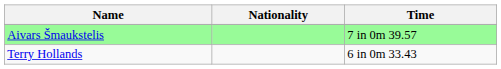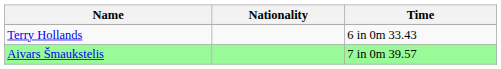 <table class="wikitable" style="display: inline-table;width: 50%;">
 <tr>
 <th>Name</th>
 <th>Nationality</th>
 <th>Time</th>
 </tr>
 <tr>
 </tr>
+<tr>
+<td><a href='#'>Terry Hollands</a></td>
+<td></td>
+<td>6 in 0m 33.43</td>
+</tr>
 <tr style="background:palegreen">
 <td><a href='#'>Aivars Šmaukstelis</a></td>
 <td></td>
 <td>7 in 0m 39.57</td>
 </tr>
-<tr>
-<td><a href='#'>Terry Hollands</a></td>
-<td></td>
-<td>6 in 0m 33.43</td>
-</tr>
 </table>
